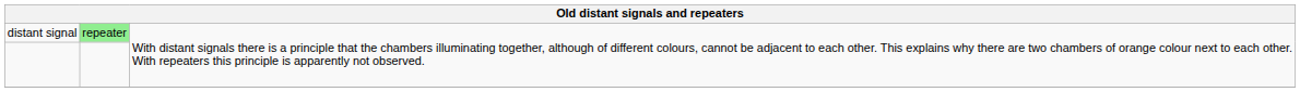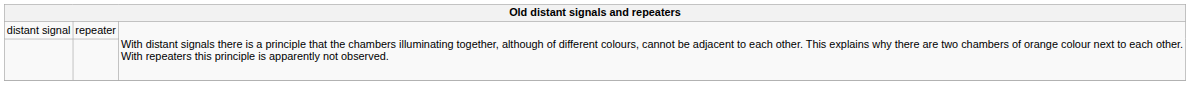 <table class="wikitable">
 <tr>
 <th colspan="3" align="center">Old distant signals and repeaters</th>
 </tr>
 <tr -->
 <td align="center">distant signal</td>
-<td align="center" style="background: lightgreen;">repeater</td>
+<td align="center">repeater</td>
 <td rowspan="2">With distant signals there is a principle that the chambers illuminating together, although of different colours, cannot be adjacent to each other. This explains why there are two chambers of orange colour next to each other.<br>With repeaters this principle is apparently not observed.</td>
 </tr>
 <tr -->
 <td align="center"><br><br><br></td>
 <td align="center"><br><br><br></td>
 </tr>
 <tr -->
 </tr>
 </table>
